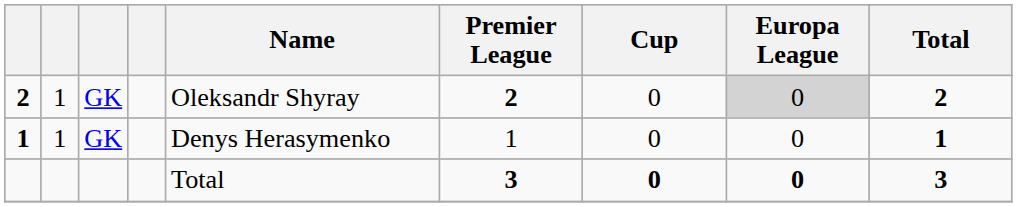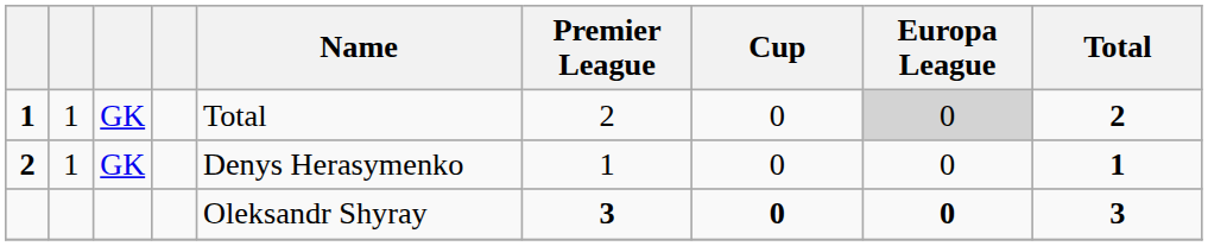 <table class="wikitable" style="text-align:center">
 <tr>
 <th width=15></th>
 <th width=15></th>
 <th width=15></th>
 <th width=15></th>
 <th width=160>Name</th>
 <th width=80><strong>Premier League</strong></th>
 <th width=80><strong>Cup</strong></th>
 <th width=80><strong>Europa League</strong></th>
 <th width=80>Total</th>
 </tr>
 <tr>
-<td><strong>2</strong></td>
+<td><strong>1</strong></td>
 <td>1</td>
 <td><a href='#'>GK</a></td>
 <td></td>
-<td align=left>Oleksandr Shyray</td>
-<td><strong>2</strong></td>
+<td align=left>Total</td>
+<td>2</td>
 <td>0</td>
 <td style="background: lightgrey;">0</td>
 <td><strong>2</strong></td>
 </tr>
 <tr>
-<td><strong>1</strong></td>
+<td><strong>2</strong></td>
 <td>1</td>
 <td><a href='#'>GK</a></td>
 <td></td>
 <td align=left>Denys Herasymenko</td>
 <td>1</td>
 <td>0</td>
 <td>0</td>
 <td><strong>1</strong></td>
 </tr>
 <tr>
 <td></td>
 <td></td>
 <td></td>
 <td></td>
-<td align=left>Total</td>
+<td align=left>Oleksandr Shyray</td>
 <td><strong>3</strong></td>
 <td><strong>0</strong></td>
 <td><strong>0</strong></td>
 <td><strong>3</strong></td>
 </tr>
 <tr>
 </tr>
 </table>
